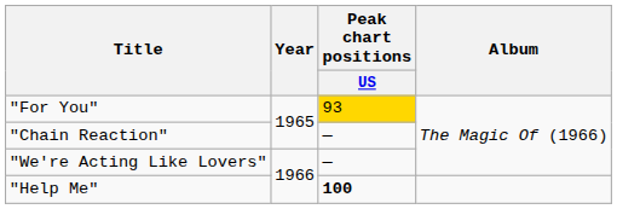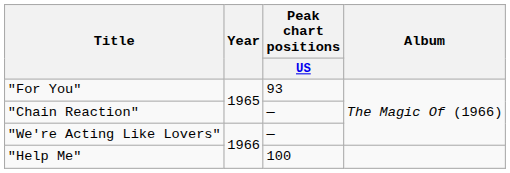 <table class="wikitable">
 <tr>
 <th rowspan="2">Title</th>
 <th rowspan="2">Year</th>
 <th>Peak chart positions</th>
 <th rowspan="2">Album</th>
 </tr>
 <tr>
 <th scope="col" style="width:3em;font-size:90%;"><a href='#'>US</a></th>
 </tr>
 <tr>
 <td scope="row">"For You"</td>
 <td rowspan="2">1965</td>
-<td style="background: gold;">93</td>
+<td>93</td>
 <td rowspan="3"><em>The Magic Of</em> (1966)</td>
 </tr>
 <tr>
 <td scope="row">"Chain Reaction"</td>
 <td>—</td>
 </tr>
 <tr>
 <td scope="row">"We're Acting Like Lovers"</td>
 <td rowspan="2">1966</td>
 <td>—</td>
 </tr>
 <tr>
 <td scope="row">"Help Me"</td>
-<td><strong>100</strong></td>
+<td>100</td>
 <td></td>
 </tr>
 </table>
